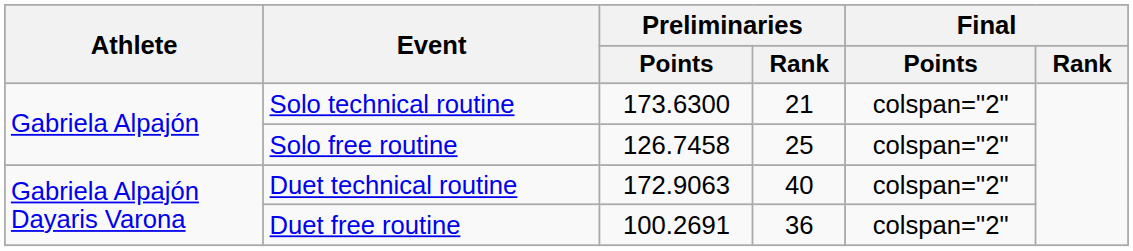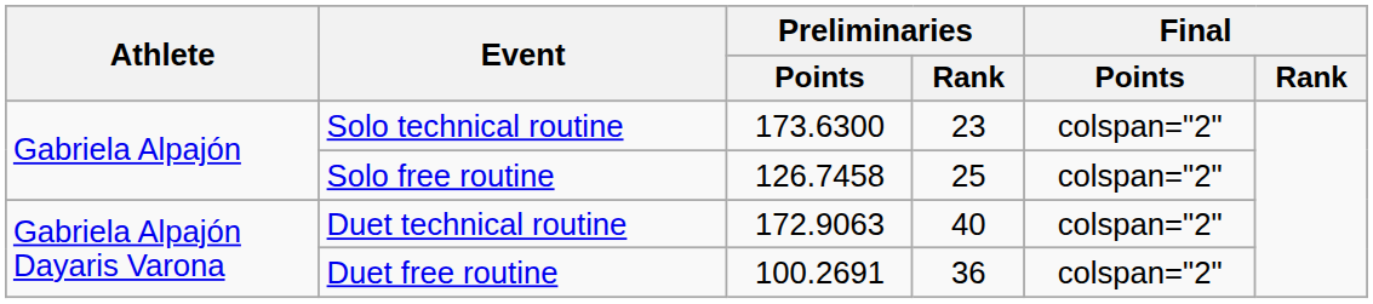 <table class="wikitable" style="text-align:center; font-size:90%; width:50%;">
 <tr>
 <th rowspan="2">Athlete</th>
 <th rowspan="2">Event</th>
 <th colspan="2">Preliminaries</th>
 <th colspan="2">Final</th>
 </tr>
 <tr style="font-size:95%">
 <th>Points</th>
 <th>Rank</th>
 <th>Points</th>
 <th>Rank</th>
 </tr>
 <tr>
 <td align=left rowspan=2><a href='#'>Gabriela Alpajón</a></td>
 <td align=left><a href='#'>Solo technical routine</a></td>
 <td>173.6300</td>
-<td>21</td>
+<td>23</td>
 <td>colspan="2" </td>
 </tr>
 <tr>
 <td align=left><a href='#'>Solo free routine</a></td>
 <td>126.7458</td>
 <td>25</td>
 <td>colspan="2" </td>
 </tr>
 <tr>
 <td align=left rowspan=2><a href='#'>Gabriela Alpajón</a><br><a href='#'>Dayaris Varona</a></td>
 <td align=left><a href='#'>Duet technical routine</a></td>
 <td>172.9063</td>
 <td>40</td>
 <td>colspan="2" </td>
 </tr>
 <tr>
 <td align=left><a href='#'>Duet free routine</a></td>
 <td>100.2691</td>
 <td>36</td>
 <td>colspan="2" </td>
 </tr>
 </table>
